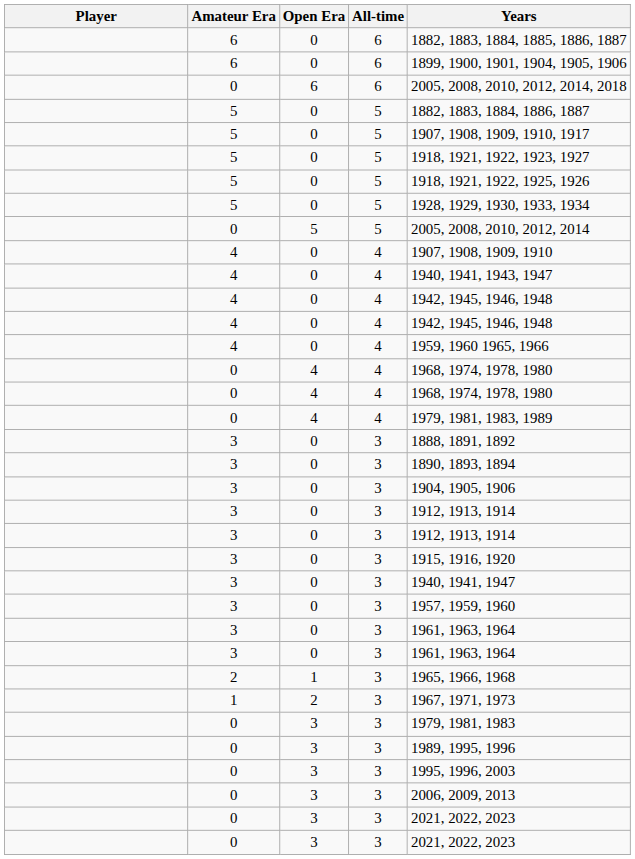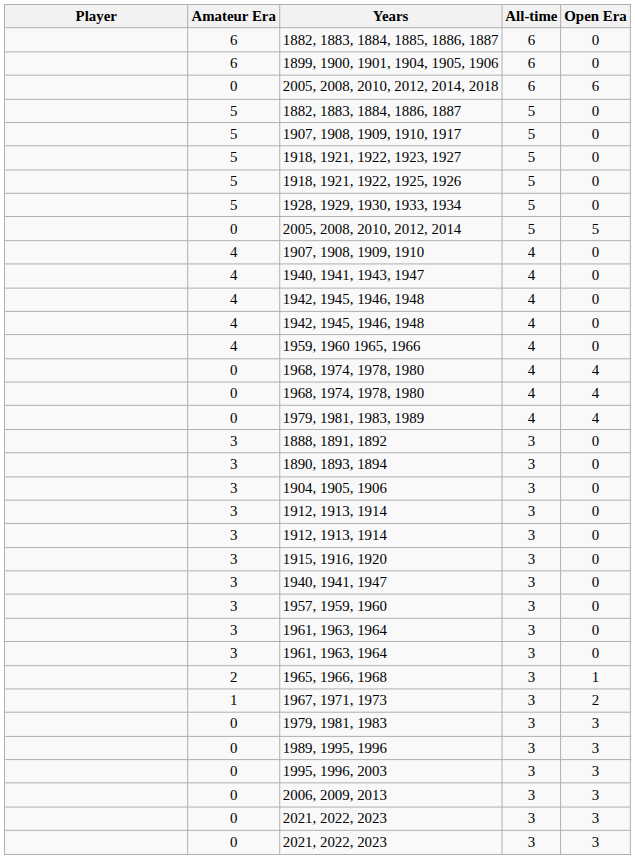 <table class="sortable wikitable">
 <tr>
 <th scope="col" width="190">Player</th>
 <th>Amateur Era</th>
+<th class="unsortable">Years</th>
+<th>All-time</th>
 <th>Open Era</th>
-<th>All-time</th>
-<th class="unsortable">Years</th>
 </tr>
 <tr>
 <td></td>
 <td align="center">6</td>
+<td>1882, 1883, 1884, 1885, 1886, 1887</td>
+<td align="center">6</td>
 <td align="center">0</td>
-<td align="center">6</td>
-<td>1882, 1883, 1884, 1885, 1886, 1887</td>
 </tr>
 <tr>
 <td></td>
 <td align="center">6</td>
+<td>1899, 1900, 1901, 1904, 1905, 1906</td>
+<td align="center">6</td>
 <td align="center">0</td>
-<td align="center">6</td>
-<td>1899, 1900, 1901, 1904, 1905, 1906</td>
 </tr>
 <tr>
 <td></td>
 <td align="center">0</td>
+<td>2005, 2008, 2010, 2012, 2014, 2018</td>
 <td align="center">6</td>
 <td align="center">6</td>
-<td>2005, 2008, 2010, 2012, 2014, 2018</td>
 </tr>
 <tr>
 <td></td>
 <td align="center">5</td>
+<td>1882, 1883, 1884, 1886, 1887</td>
+<td align="center">5</td>
 <td align="center">0</td>
-<td align="center">5</td>
-<td>1882, 1883, 1884, 1886, 1887</td>
 </tr>
 <tr>
 <td></td>
 <td align="center">5</td>
+<td>1907, 1908, 1909, 1910, 1917</td>
+<td align="center">5</td>
 <td align="center">0</td>
-<td align="center">5</td>
-<td>1907, 1908, 1909, 1910, 1917</td>
 </tr>
 <tr>
 <td></td>
 <td align="center">5</td>
+<td>1918, 1921, 1922, 1923, 1927</td>
+<td align="center">5</td>
 <td align="center">0</td>
-<td align="center">5</td>
-<td>1918, 1921, 1922, 1923, 1927</td>
 </tr>
 <tr>
 <td></td>
 <td align="center">5</td>
+<td>1918, 1921, 1922, 1925, 1926</td>
+<td align="center">5</td>
 <td align="center">0</td>
-<td align="center">5</td>
-<td>1918, 1921, 1922, 1925, 1926</td>
 </tr>
 <tr>
 <td></td>
 <td align="center">5</td>
+<td>1928, 1929, 1930, 1933, 1934</td>
+<td align="center">5</td>
 <td align="center">0</td>
-<td align="center">5</td>
-<td>1928, 1929, 1930, 1933, 1934</td>
 </tr>
 <tr>
 <td></td>
 <td align="center">0</td>
+<td>2005, 2008, 2010, 2012, 2014</td>
 <td align="center">5</td>
 <td align="center">5</td>
-<td>2005, 2008, 2010, 2012, 2014</td>
 </tr>
 <tr>
 <td></td>
 <td align="center">4</td>
+<td>1907, 1908, 1909, 1910</td>
+<td align="center">4</td>
 <td align="center">0</td>
-<td align="center">4</td>
-<td>1907, 1908, 1909, 1910</td>
 </tr>
 <tr>
 <td></td>
 <td align="center">4</td>
+<td>1940, 1941, 1943, 1947</td>
+<td align="center">4</td>
 <td align="center">0</td>
-<td align="center">4</td>
-<td>1940, 1941, 1943, 1947</td>
 </tr>
 <tr>
 <td></td>
 <td align="center">4</td>
+<td>1942, 1945, 1946, 1948</td>
+<td align="center">4</td>
 <td align="center">0</td>
-<td align="center">4</td>
-<td>1942, 1945, 1946, 1948</td>
 </tr>
 <tr>
 <td></td>
 <td align="center">4</td>
+<td>1942, 1945, 1946, 1948</td>
+<td align="center">4</td>
 <td align="center">0</td>
-<td align="center">4</td>
-<td>1942, 1945, 1946, 1948</td>
 </tr>
 <tr>
 <td></td>
 <td align="center">4</td>
+<td>1959, 1960 1965, 1966</td>
+<td align="center">4</td>
 <td align="center">0</td>
-<td align="center">4</td>
-<td>1959, 1960 1965, 1966</td>
 </tr>
 <tr>
 <td></td>
 <td align="center">0</td>
+<td>1968, 1974, 1978, 1980</td>
 <td align="center">4</td>
 <td align="center">4</td>
-<td>1968, 1974, 1978, 1980</td>
 </tr>
 <tr>
 <td></td>
 <td align="center">0</td>
+<td>1968, 1974, 1978, 1980</td>
 <td align="center">4</td>
 <td align="center">4</td>
-<td>1968, 1974, 1978, 1980</td>
 </tr>
 <tr>
 <td></td>
 <td align="center">0</td>
+<td>1979, 1981, 1983, 1989</td>
 <td align="center">4</td>
 <td align="center">4</td>
-<td>1979, 1981, 1983, 1989</td>
 </tr>
 <tr>
 <td></td>
 <td align="center">3</td>
+<td>1888, 1891, 1892</td>
+<td align="center">3</td>
 <td align="center">0</td>
-<td align="center">3</td>
-<td>1888, 1891, 1892</td>
 </tr>
 <tr>
 <td></td>
 <td align="center">3</td>
+<td>1890, 1893, 1894</td>
+<td align="center">3</td>
 <td align="center">0</td>
-<td align="center">3</td>
-<td>1890, 1893, 1894</td>
 </tr>
 <tr>
 <td></td>
 <td align="center">3</td>
+<td>1904, 1905, 1906</td>
+<td align="center">3</td>
 <td align="center">0</td>
-<td align="center">3</td>
-<td>1904, 1905, 1906</td>
 </tr>
 <tr>
 <td></td>
 <td align="center">3</td>
+<td>1912, 1913, 1914</td>
+<td align="center">3</td>
 <td align="center">0</td>
-<td align="center">3</td>
-<td>1912, 1913, 1914</td>
 </tr>
 <tr>
 <td></td>
 <td align="center">3</td>
+<td>1912, 1913, 1914</td>
+<td align="center">3</td>
 <td align="center">0</td>
-<td align="center">3</td>
-<td>1912, 1913, 1914</td>
 </tr>
 <tr>
 <td></td>
 <td align="center">3</td>
+<td>1915, 1916, 1920</td>
+<td align="center">3</td>
 <td align="center">0</td>
-<td align="center">3</td>
-<td>1915, 1916, 1920</td>
 </tr>
 <tr>
 <td></td>
 <td align="center">3</td>
+<td>1940, 1941, 1947</td>
+<td align="center">3</td>
 <td align="center">0</td>
-<td align="center">3</td>
-<td>1940, 1941, 1947</td>
 </tr>
 <tr>
 <td></td>
 <td align="center">3</td>
+<td>1957, 1959, 1960</td>
+<td align="center">3</td>
 <td align="center">0</td>
-<td align="center">3</td>
-<td>1957, 1959, 1960</td>
 </tr>
 <tr>
 <td></td>
 <td align="center">3</td>
+<td>1961, 1963, 1964</td>
+<td align="center">3</td>
 <td align="center">0</td>
-<td align="center">3</td>
-<td>1961, 1963, 1964</td>
 </tr>
 <tr>
 <td></td>
 <td align="center">3</td>
+<td>1961, 1963, 1964</td>
+<td align="center">3</td>
 <td align="center">0</td>
-<td align="center">3</td>
-<td>1961, 1963, 1964</td>
 </tr>
 <tr>
 <td></td>
 <td align="center">2</td>
+<td>1965, 1966, 1968</td>
+<td align="center">3</td>
 <td align="center">1</td>
-<td align="center">3</td>
-<td>1965, 1966, 1968</td>
 </tr>
 <tr>
 <td></td>
 <td align="center">1</td>
+<td>1967, 1971, 1973</td>
+<td align="center">3</td>
 <td align="center">2</td>
-<td align="center">3</td>
-<td>1967, 1971, 1973</td>
 </tr>
 <tr>
 <td></td>
 <td align="center">0</td>
+<td>1979, 1981, 1983</td>
 <td align="center">3</td>
 <td align="center">3</td>
-<td>1979, 1981, 1983</td>
 </tr>
 <tr>
 <td></td>
 <td align="center">0</td>
+<td>1989, 1995, 1996</td>
 <td align="center">3</td>
 <td align="center">3</td>
-<td>1989, 1995, 1996</td>
 </tr>
 <tr>
 <td></td>
 <td align="center">0</td>
+<td>1995, 1996, 2003</td>
 <td align="center">3</td>
 <td align="center">3</td>
-<td>1995, 1996, 2003</td>
 </tr>
 <tr>
 <td></td>
 <td align="center">0</td>
+<td>2006, 2009, 2013</td>
 <td align="center">3</td>
 <td align="center">3</td>
-<td>2006, 2009, 2013</td>
 </tr>
 <tr>
 <td></td>
 <td align="center">0</td>
+<td>2021, 2022, 2023</td>
 <td align="center">3</td>
 <td align="center">3</td>
-<td>2021, 2022, 2023</td>
 </tr>
 <tr>
 <td></td>
 <td align="center">0</td>
+<td>2021, 2022, 2023</td>
 <td align="center">3</td>
 <td align="center">3</td>
-<td>2021, 2022, 2023</td>
 </tr>
 </table>
